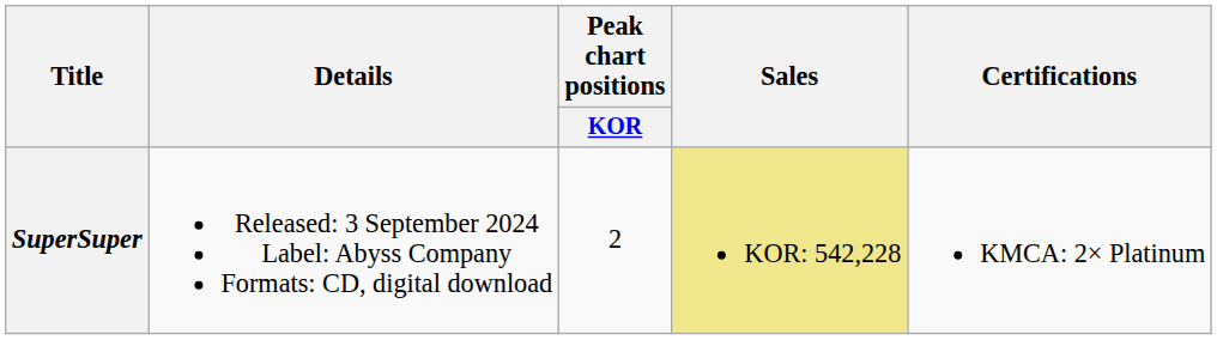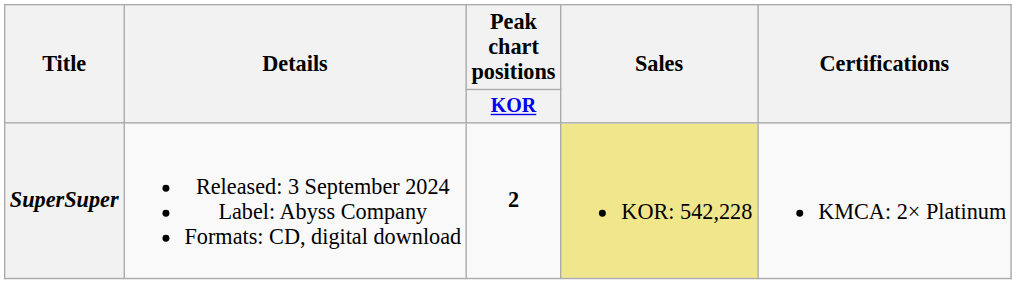 <table class="wikitable plainrowheaders" style="text-align:center;">
 <tr>
 <th scope="col" rowspan="2">Title</th>
 <th scope="col" rowspan="2">Details</th>
 <th scope="col" colspan="1">Peak chart positions</th>
 <th scope="col" rowspan="2">Sales</th>
 <th scope="col" rowspan="2">Certifications</th>
 </tr>
 <tr>
 <th scope="col" style="width:3em;font-size:90%;"><a href='#'>KOR</a><br></th>
 </tr>
 <tr>
 <th scope="row"><em>SuperSuper</em></th>
 <td><br><ul><li>Released: 3 September 2024</li><li>Label: Abyss Company</li><li>Formats: CD, digital download</li></ul></td>
-<td>2</td>
+<td><strong>2</strong></td>
 <td style="background: khaki;"><br><ul><li>KOR: 542,228</li></ul></td>
 <td><br><ul><li>KMCA: 2× Platinum</li></ul></td>
 </tr>
 </table>
